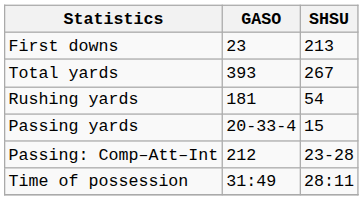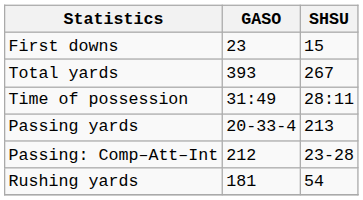 <table class="wikitable" style="float: left;">
 <tr>
 <th>Statistics</th>
 <th>GASO</th>
 <th>SHSU</th>
 </tr>
 <tr>
 <td>First downs</td>
 <td>23</td>
-<td>213</td>
+<td>15</td>
 </tr>
 <tr>
 <td>Total yards</td>
 <td>393</td>
 <td>267</td>
 </tr>
 <tr>
-<td>Rushing yards</td>
-<td>181</td>
-<td>54</td>
+<td>Time of possession</td>
+<td>31:49</td>
+<td>28:11</td>
 </tr>
 <tr>
 <td>Passing yards</td>
 <td>20-33-4</td>
-<td>15</td>
+<td>213</td>
 </tr>
 <tr>
 <td>Passing: Comp–Att–Int</td>
 <td>212</td>
 <td>23-28</td>
 </tr>
 <tr>
-<td>Time of possession</td>
-<td>31:49</td>
-<td>28:11</td>
+<td>Rushing yards</td>
+<td>181</td>
+<td>54</td>
 </tr>
 <tr>
 </tr>
 </table>
